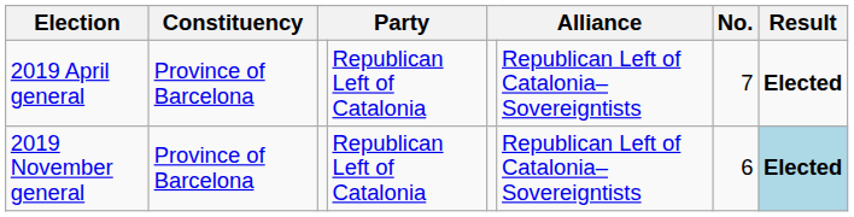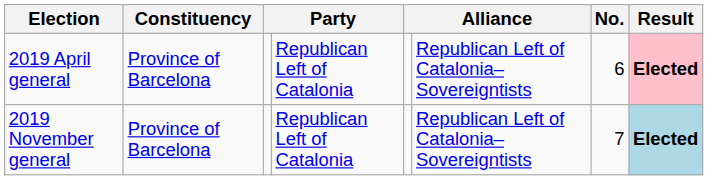 <table class="wikitable" style="text-align:left;">
 <tr>
 <th scope=col>Election</th>
 <th scope=col>Constituency</th>
 <th scope=col colspan="2">Party</th>
 <th scope=col colspan="2">Alliance</th>
 <th scope=col>No.</th>
 <th scope=col>Result</th>
 </tr>
 <tr>
 <td><a href='#'>2019 April general</a></td>
 <td><a href='#'>Province of Barcelona</a></td>
 <td style="background:"></td>
 <td><a href='#'>Republican Left of Catalonia</a></td>
 <td style="background:"></td>
 <td><a href='#'>Republican Left of Catalonia–Sovereigntists</a></td>
-<td align=right>7</td>
-<td><strong>Elected</strong></td>
+<td align=right>6</td>
+<td style="background: pink;"><strong>Elected</strong></td>
 </tr>
 <tr>
 <td><a href='#'>2019 November general</a></td>
 <td><a href='#'>Province of Barcelona</a></td>
 <td style="background:"></td>
 <td><a href='#'>Republican Left of Catalonia</a></td>
 <td style="background:"></td>
 <td><a href='#'>Republican Left of Catalonia–Sovereigntists</a></td>
-<td align=right>6</td>
+<td align=right>7</td>
 <td style="background: lightblue;"><strong>Elected</strong></td>
 </tr>
 </table>
